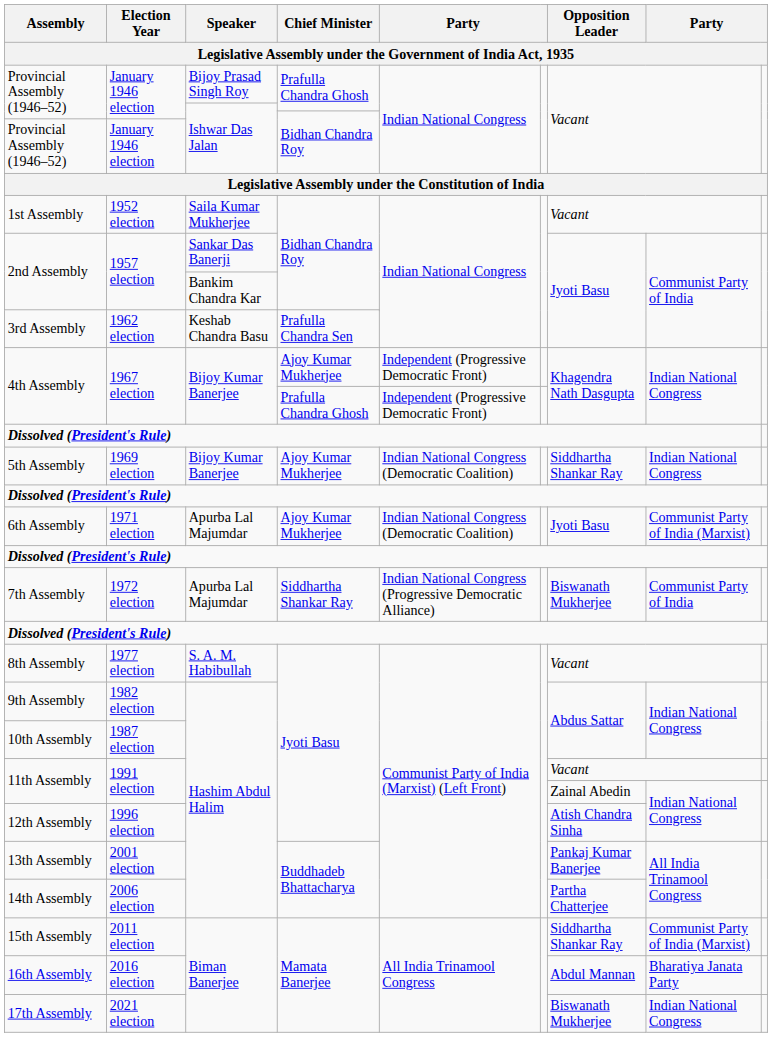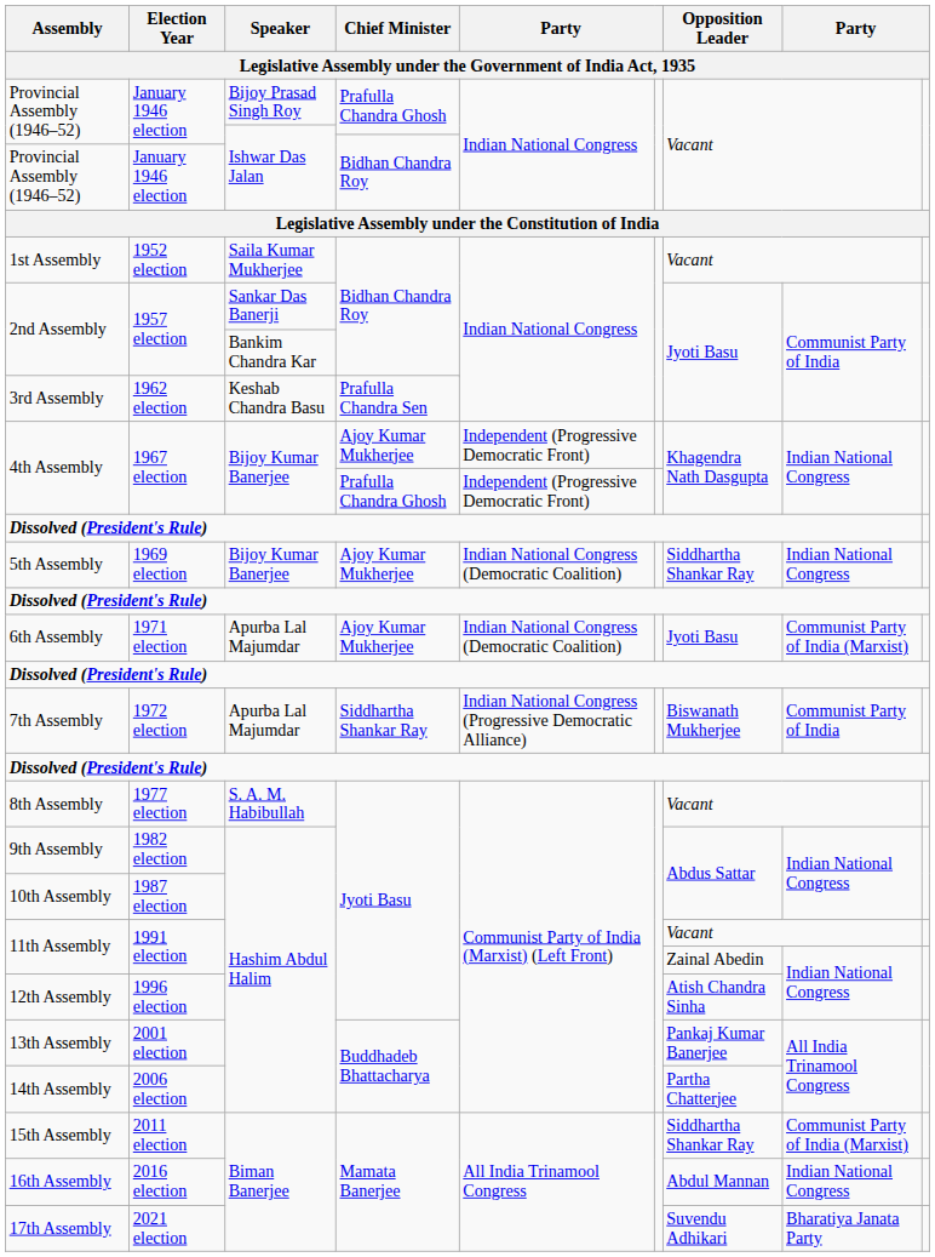 <table class="wikitable">
 <tr>
 <th>Assembly</th>
 <th>Election Year</th>
 <th>Speaker</th>
 <th>Chief Minister</th>
 <th colspan="2">Party</th>
 <th>Opposition Leader</th>
 <th colspan="2">Party</th>
 </tr>
 <tr>
 <th colspan="9">Legislative Assembly under the Government of India Act, 1935</th>
 </tr>
 <tr>
 <td rowspan="3">Provincial Assembly<br>(1946–52)</td>
 <td rowspan="3"><a href='#'>January 1946 election</a></td>
 <td><a href='#'>Bijoy Prasad Singh Roy</a></td>
 <td rowspan="2"><a href='#'>Prafulla Chandra Ghosh</a></td>
 <td rowspan="4"><a href='#'>Indian National Congress</a></td>
 <td rowspan="4" style="background-color: "></td>
 <td colspan="2" rowspan="4"><em>Vacant</em></td>
 <td rowspan="4"></td>
 </tr>
 <tr>
 <td rowspan="3"><a href='#'>Ishwar Das Jalan</a></td>
 </tr>
 <tr>
 <td rowspan="2"><a href='#'>Bidhan Chandra Roy</a></td>
 </tr>
 <tr>
 <td>Provincial Assembly (1946–52)</td>
 <td><a href='#'>January 1946 election</a></td>
 </tr>
 <tr>
 <th colspan="9">Legislative Assembly under the Constitution of India</th>
 </tr>
 <tr>
 <td>1st Assembly</td>
 <td><a href='#'>1952 election</a></td>
 <td><a href='#'>Saila Kumar Mukherjee</a></td>
 <td rowspan="4"><a href='#'>Bidhan Chandra Roy</a></td>
 <td rowspan="5"><a href='#'>Indian National Congress</a></td>
 <td rowspan="5" style="background-color: "></td>
 <td colspan="2"><em>Vacant</em></td>
 <td></td>
 </tr>
 <tr>
 <td rowspan="2">2nd Assembly</td>
 <td rowspan="2"><a href='#'>1957 election</a></td>
 <td><a href='#'>Sankar Das Banerji</a></td>
 <td rowspan="4"><a href='#'>Jyoti Basu</a></td>
 <td rowspan="4"><a href='#'>Communist Party of India</a></td>
 <td rowspan="4" style="background-color: "></td>
 </tr>
 <tr>
 <td>Bankim Chandra Kar</td>
 </tr>
 <tr>
 <td rowspan="2">3rd Assembly</td>
 <td rowspan="2"><a href='#'>1962 election</a></td>
 <td rowspan="2">Keshab Chandra Basu</td>
 </tr>
 <tr>
 <td><a href='#'>Prafulla Chandra Sen</a></td>
 </tr>
 <tr>
 <td rowspan="2">4th Assembly</td>
 <td rowspan="2"><a href='#'>1967 election</a></td>
 <td rowspan="2"><a href='#'>Bijoy Kumar Banerjee</a></td>
 <td><a href='#'>Ajoy Kumar Mukherjee</a></td>
 <td><a href='#'>Independent</a> (Progressive Democratic Front)</td>
 <td style="background-color: "></td>
 <td rowspan="2"><a href='#'>Khagendra Nath Dasgupta</a></td>
 <td rowspan="2"><a href='#'>Indian National Congress</a></td>
 <td rowspan="2" style="background-color: "></td>
 </tr>
 <tr>
 <td><a href='#'>Prafulla Chandra Ghosh</a></td>
 <td><a href='#'>Independent</a> (Progressive Democratic Front)</td>
 <td style="background-color: "></td>
 </tr>
 <tr>
 <td colspan="8"><strong><em>Dissolved (<a href='#'>President's Rule</a>)</em></strong></td>
 <td></td>
 </tr>
 <tr>
 <td>5th Assembly</td>
 <td><a href='#'>1969 election</a></td>
 <td><a href='#'>Bijoy Kumar Banerjee</a></td>
 <td><a href='#'>Ajoy Kumar Mukherjee</a></td>
 <td><a href='#'>Indian National Congress</a> (Democratic Coalition)</td>
 <td style="background-color: "></td>
 <td><a href='#'>Siddhartha Shankar Ray</a></td>
 <td><a href='#'>Indian National Congress</a></td>
 <td style="background-color: "></td>
 </tr>
 <tr>
 <td colspan="9"><strong><em>Dissolved (<a href='#'>President's Rule</a>)</em></strong></td>
 </tr>
 <tr>
 <td>6th Assembly</td>
 <td><a href='#'>1971 election</a></td>
 <td>Apurba Lal Majumdar</td>
 <td><a href='#'>Ajoy Kumar Mukherjee</a></td>
 <td><a href='#'>Indian National Congress</a> (Democratic Coalition)</td>
 <td style="background-color: "></td>
 <td><a href='#'>Jyoti Basu</a></td>
 <td><a href='#'>Communist Party of India (Marxist)</a></td>
 <td style="background-color: "></td>
 </tr>
 <tr>
 <td colspan="9"><strong><em>Dissolved (<a href='#'>President's Rule</a>)</em></strong></td>
 </tr>
 <tr>
 <td>7th Assembly</td>
 <td><a href='#'>1972 election</a></td>
 <td>Apurba Lal Majumdar</td>
 <td><a href='#'>Siddhartha Shankar Ray</a></td>
 <td><a href='#'>Indian National Congress</a> (Progressive Democratic Alliance)</td>
 <td style="background-color: "></td>
 <td><a href='#'>Biswanath Mukherjee</a></td>
 <td><a href='#'>Communist Party of India</a></td>
 <td style="background-color: "></td>
 </tr>
 <tr>
 <td colspan="9"><strong><em>Dissolved (<a href='#'>President's Rule</a>)</em></strong></td>
 </tr>
 <tr>
 <td>8th Assembly</td>
 <td><a href='#'>1977 election</a></td>
 <td><a href='#'>S. A. M. Habibullah</a></td>
 <td rowspan="6"><a href='#'>Jyoti Basu</a></td>
 <td rowspan="8"><a href='#'>Communist Party of India (Marxist)</a>  (<a href='#'>Left Front</a>)</td>
 <td rowspan="8" style="background-color: "></td>
 <td colspan="2"><em>Vacant</em></td>
 <td></td>
 </tr>
 <tr>
 <td>9th Assembly</td>
 <td><a href='#'>1982 election</a></td>
 <td rowspan="7"><a href='#'>Hashim Abdul Halim</a></td>
 <td rowspan="2"><a href='#'>Abdus Sattar</a></td>
 <td rowspan="2"><a href='#'>Indian National Congress</a></td>
 <td rowspan="2" style="background-color: "></td>
 </tr>
 <tr>
 <td>10th Assembly</td>
 <td><a href='#'>1987 election</a></td>
 </tr>
 <tr>
 <td rowspan="2">11th Assembly</td>
 <td rowspan="2"><a href='#'>1991 election</a></td>
 <td colspan="2"><em>Vacant</em></td>
 <td></td>
 </tr>
 <tr>
 <td>Zainal Abedin</td>
 <td rowspan="2"><a href='#'>Indian National Congress</a></td>
 <td rowspan="2" style="background-color: "></td>
 </tr>
 <tr>
 <td>12th Assembly</td>
 <td><a href='#'>1996 election</a></td>
 <td><a href='#'>Atish Chandra Sinha</a></td>
 </tr>
 <tr>
 <td>13th Assembly</td>
 <td><a href='#'>2001 election</a></td>
 <td rowspan="2"><a href='#'>Buddhadeb Bhattacharya</a></td>
 <td><a href='#'>Pankaj Kumar Banerjee</a></td>
 <td rowspan="2"><a href='#'>All India Trinamool Congress</a></td>
 <td rowspan="2" style="background-color: "></td>
 </tr>
 <tr>
 <td>14th Assembly</td>
 <td><a href='#'>2006 election</a></td>
 <td><a href='#'>Partha Chatterjee</a></td>
 </tr>
 <tr>
 <td>15th Assembly</td>
 <td><a href='#'>2011 election</a></td>
 <td rowspan="3"><a href='#'>Biman Banerjee</a></td>
 <td rowspan="3"><a href='#'>Mamata Banerjee</a></td>
 <td rowspan="3"><a href='#'>All India Trinamool Congress</a></td>
 <td rowspan="3" style="background-color: "></td>
 <td><a href='#'>Siddhartha Shankar Ray</a></td>
 <td><a href='#'>Communist Party of India (Marxist)</a></td>
 <td></td>
 </tr>
 <tr>
 <td><a href='#'>16th Assembly</a></td>
 <td><a href='#'>2016 election</a></td>
 <td><a href='#'>Abdul Mannan</a></td>
-<td><a href='#'>Bharatiya Janata Party</a></td>
+<td><a href='#'>Indian National Congress</a></td>
 <td></td>
 </tr>
 <tr>
 <td><a href='#'>17th Assembly</a></td>
 <td><a href='#'>2021 election</a></td>
-<td><a href='#'>Biswanath Mukherjee</a></td>
-<td><a href='#'>Indian National Congress</a></td>
+<td><a href='#'>Suvendu Adhikari</a></td>
+<td><a href='#'>Bharatiya Janata Party</a></td>
 <td></td>
 </tr>
 </table>
